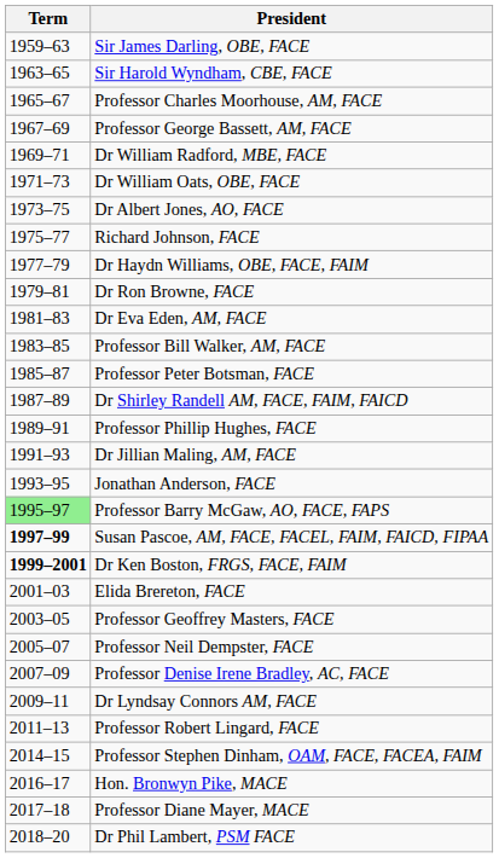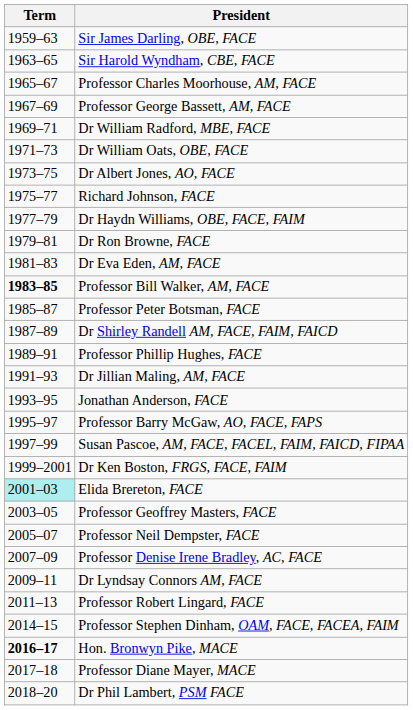 <table class="wikitable">
 <tr>
 <th scope=col>Term</th>
 <th scope=col>President</th>
 </tr>
 <tr>
 <td>1959–63</td>
 <td><a href='#'>Sir James Darling</a>, <em>OBE, FACE</em></td>
 </tr>
 <tr>
 <td>1963–65</td>
 <td><a href='#'>Sir Harold Wyndham</a>, <em>CBE, FACE</em></td>
 </tr>
 <tr>
 <td>1965–67</td>
 <td>Professor Charles Moorhouse, <em>AM, FACE</em></td>
 </tr>
 <tr>
 <td>1967–69</td>
 <td>Professor George Bassett, <em>AM, FACE</em></td>
 </tr>
 <tr>
 <td>1969–71</td>
 <td>Dr William Radford, <em>MBE, FACE</em></td>
 </tr>
 <tr>
 <td>1971–73</td>
 <td>Dr William Oats, <em>OBE, FACE</em></td>
 </tr>
 <tr>
 <td>1973–75</td>
 <td>Dr Albert Jones, <em>AO, FACE</em></td>
 </tr>
 <tr>
 <td>1975–77</td>
 <td>Richard Johnson, <em>FACE</em></td>
 </tr>
 <tr>
 <td>1977–79</td>
 <td>Dr Haydn Williams, <em>OBE, FACE, FAIM</em></td>
 </tr>
 <tr>
 <td>1979–81</td>
 <td>Dr Ron Browne, <em>FACE</em></td>
 </tr>
 <tr>
 <td>1981–83</td>
 <td>Dr Eva Eden, <em>AM, FACE</em></td>
 </tr>
 <tr>
-<td>1983–85</td>
+<td><strong>1983–85</strong></td>
 <td>Professor Bill Walker, <em>AM, FACE</em></td>
 </tr>
 <tr>
 <td>1985–87</td>
 <td>Professor Peter Botsman, <em>FACE</em></td>
 </tr>
 <tr>
 <td>1987–89</td>
 <td>Dr <a href='#'>Shirley Randell</a>  <em>AM, FACE, FAIM, FAICD</em></td>
 </tr>
 <tr>
 <td>1989–91</td>
 <td>Professor Phillip Hughes, <em>FACE</em></td>
 </tr>
 <tr>
 <td>1991–93</td>
 <td>Dr Jillian Maling, <em>AM, FACE</em></td>
 </tr>
 <tr>
 <td>1993–95</td>
 <td>Jonathan Anderson, <em>FACE</em></td>
 </tr>
 <tr>
-<td style="background: lightgreen;">1995–97</td>
+<td>1995–97</td>
 <td>Professor Barry McGaw, <em>AO, FACE, FAPS</em></td>
 </tr>
 <tr>
-<td><strong>1997–99</strong></td>
+<td>1997–99</td>
 <td>Susan Pascoe, <em>AM, FACE, FACEL, FAIM, FAICD, FIPAA</em></td>
 </tr>
 <tr>
-<td><strong>1999–2001</strong></td>
+<td>1999–2001</td>
 <td>Dr Ken Boston, <em>FRGS, FACE, FAIM</em></td>
 </tr>
 <tr>
-<td>2001–03</td>
+<td style="background: paleturquoise;">2001–03</td>
 <td>Elida Brereton, <em>FACE</em></td>
 </tr>
 <tr>
 <td>2003–05</td>
 <td>Professor Geoffrey Masters, <em>FACE</em></td>
 </tr>
 <tr>
 <td>2005–07</td>
 <td>Professor Neil Dempster, <em>FACE</em></td>
 </tr>
 <tr>
 <td>2007–09</td>
 <td>Professor <a href='#'>Denise Irene Bradley</a>, <em>AC, FACE</em></td>
 </tr>
 <tr>
 <td>2009–11</td>
 <td>Dr Lyndsay Connors <em>AM, FACE</em></td>
 </tr>
 <tr>
 <td>2011–13</td>
 <td>Professor Robert Lingard, <em>FACE</em></td>
 </tr>
 <tr>
 <td>2014–15</td>
 <td>Professor Stephen Dinham, <em><a href='#'>OAM</a>, FACE, FACEA, FAIM</em></td>
 </tr>
 <tr>
-<td>2016–17</td>
+<td><strong>2016–17</strong></td>
 <td>Hon. <a href='#'>Bronwyn Pike</a>, <em>MACE</em></td>
 </tr>
 <tr>
 <td>2017–18</td>
 <td>Professor Diane Mayer, <em>MACE</em></td>
 </tr>
 <tr>
 <td>2018–20</td>
 <td>Dr Phil Lambert, <em><a href='#'>PSM</a> FACE</em></td>
 </tr>
 </table>
